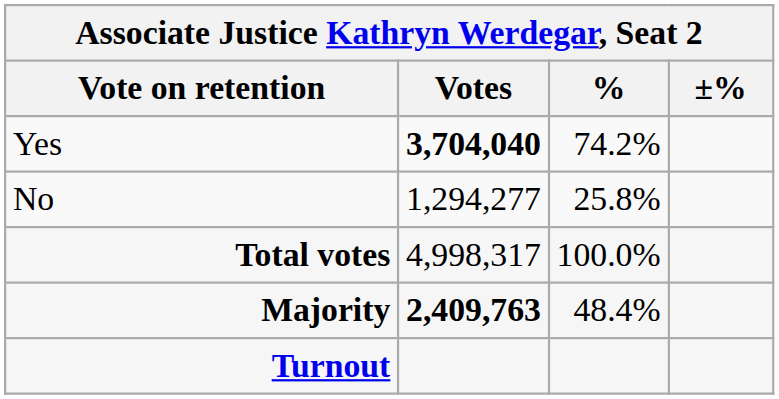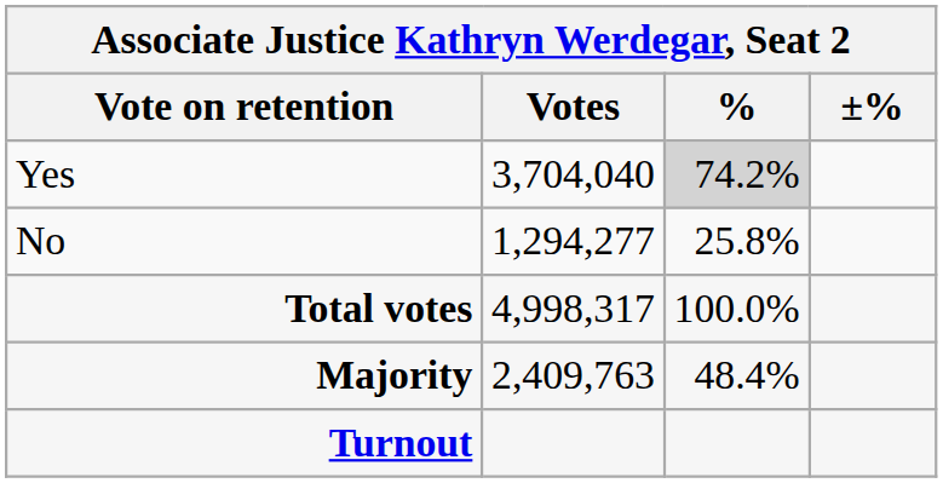 <table class="wikitable" style="font-size: 95%; clear:both">
 <tr>
 <th colspan=7>Associate Justice <a href='#'>Kathryn Werdegar</a>, Seat 2</th>
 </tr>
 <tr>
 <th style="width: 170px">Vote on retention</th>
 <th style="width: 50px">Votes</th>
 <th style="width: 40px">%</th>
 <th style="width: 40px">±%</th>
 </tr>
 <tr>
 <td>Yes</td>
-<td style="text-align:right;"><strong>3,704,040</strong></td>
-<td style="text-align:right;">74.2%</td>
+<td style="text-align:right;">3,704,040</td>
+<td style="background: lightgrey; text-align:right;">74.2%</td>
 <td></td>
 </tr>
 <tr>
 <td>No</td>
 <td style="text-align:right;">1,294,277</td>
 <td style="text-align:right;">25.8%</td>
 <td></td>
 </tr>
 <tr style="background-color:#F6F6F6">
 <td colspan="1" align="right"><strong>Total votes</strong></td>
 <td style="text-align:right;">4,998,317</td>
 <td style="text-align:right;">100.0%</td>
 <td style="text-align:right;"></td>
 </tr>
 <tr style="background-color:#F6F6F6">
 <td colspan="1" style="text-align: right; margin-right: 0.5em"><strong>Majority</strong></td>
-<td style="text-align: right; margin-right: 0.5em"><strong>2,409,763</strong></td>
+<td style="text-align: right; margin-right: 0.5em">2,409,763</td>
 <td style="text-align: right; margin-right: 0.5em">48.4%</td>
 <td style="text-align: right; margin-right: 0.5em"></td>
 </tr>
 <tr style="background-color:#F6F6F6">
 <td colspan="1" style="text-align: right; margin-right: 0.5em"><strong><a href='#'>Turnout</a></strong></td>
 <td style="text-align: right; margin-right: 0.5em"></td>
 <td style="text-align: right; margin-right: 0.5em"></td>
 <td style="text-align: right; margin-right: 0.5em"></td>
 </tr>
 </table>
